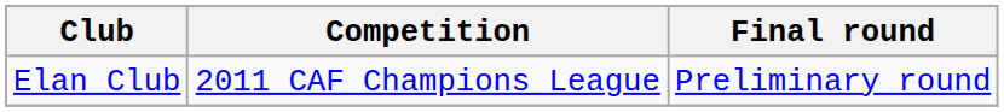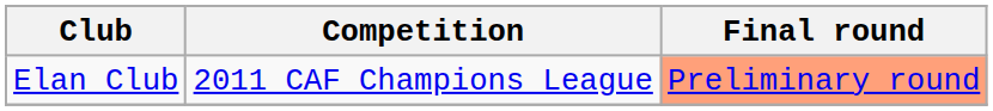 <table class="wikitable">
 <tr>
 <th>Club</th>
 <th>Competition</th>
 <th>Final round</th>
 </tr>
 <tr>
 <td rowspan=1><a href='#'>Elan Club</a></td>
 <td><a href='#'>2011 CAF Champions League</a></td>
-<td><a href='#'>Preliminary round</a></td>
+<td style="background: lightsalmon;"><a href='#'>Preliminary round</a></td>
 </tr>
 <tr>
 </tr>
 </table>
